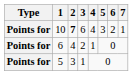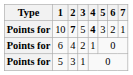 <table class="wikitable plainrowheaders floatright" style="text-align: center">
 <tr>
 <th scope="col">Type</th>
 <th scope="col">1</th>
 <th scope="col">2</th>
 <th scope="col">3</th>
 <th scope="col">4</th>
 <th scope="col">5</th>
 <th scope="col">6</th>
 <th scope="col">7</th>
 </tr>
 <tr>
 <th scope="row" style="text-align:left;">Points for  </th>
 <td>10</td>
 <td><strong>7</strong></td>
-<td>6</td>
-<td>4</td>
+<td>5</td>
+<td><strong>4</strong></td>
 <td>3</td>
 <td>2</td>
 <td>1</td>
 </tr>
 <tr>
 <th scope="row" style="text-align:left;">Points for  </th>
 <td>6</td>
 <td>4</td>
 <td>2</td>
 <td>1</td>
 <td colspan="3">0</td>
 </tr>
 <tr>
 <th scope="row" style="text-align:left;">Points for  </th>
 <td>5</td>
 <td>3</td>
 <td>1</td>
 <td colspan="4">0</td>
 </tr>
 </table>
